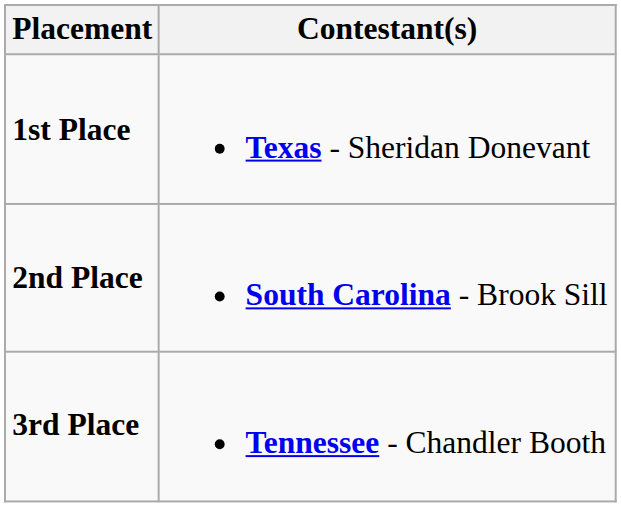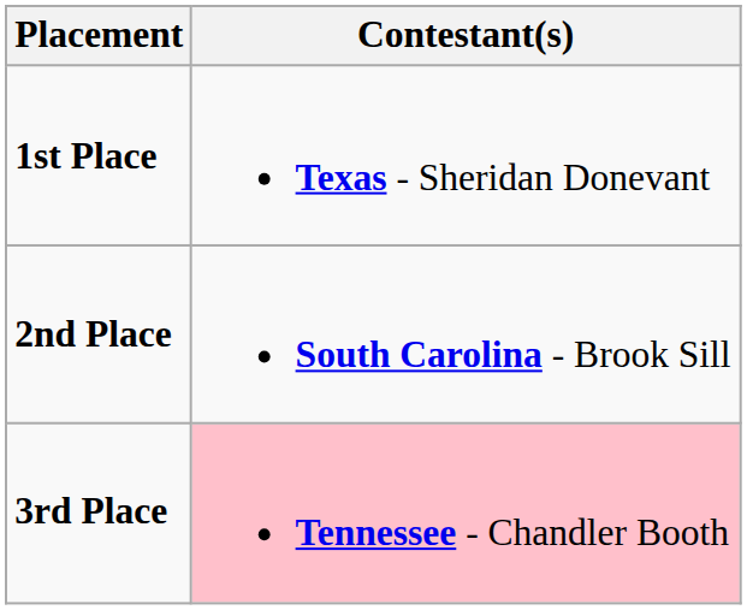 <table class="wikitable">
 <tr>
 <th>Placement</th>
 <th>Contestant(s)</th>
 </tr>
 <tr>
 <td><strong>1st Place</strong></td>
 <td><br><ul><li> <strong><a href='#'>Texas</a></strong> - Sheridan Donevant</li></ul></td>
 </tr>
 <tr>
 <td><strong>2nd Place</strong></td>
 <td><br><ul><li> <strong><a href='#'>South Carolina</a></strong> - Brook Sill</li></ul></td>
 </tr>
 <tr>
 <td><strong>3rd Place</strong></td>
-<td><br><ul><li> <strong><a href='#'>Tennessee</a></strong> - Chandler Booth</li></ul></td>
+<td style="background: pink;"><br><ul><li> <strong><a href='#'>Tennessee</a></strong> - Chandler Booth</li></ul></td>
 </tr>
 </table>
